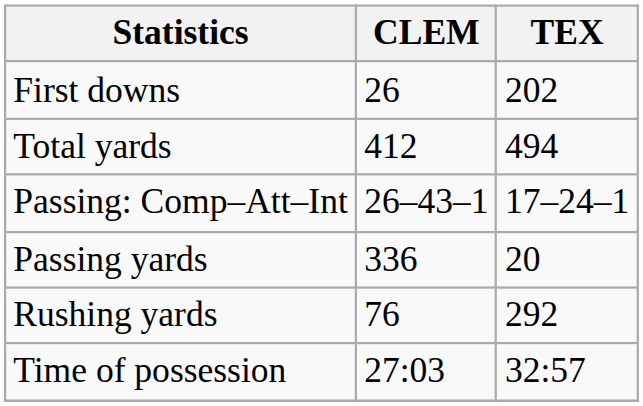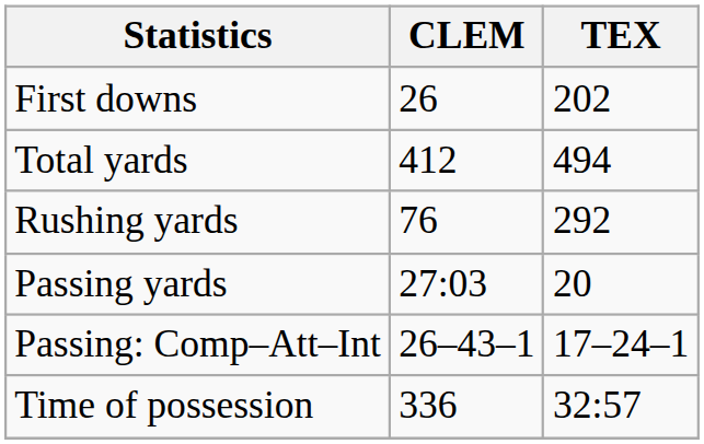 <table class="wikitable" style="float: left;">
 <tr>
 <th>Statistics</th>
 <th>CLEM</th>
 <th>TEX</th>
 </tr>
 <tr>
 <td>First downs</td>
 <td>26</td>
 <td>202</td>
 </tr>
 <tr>
 <td>Total yards</td>
 <td>412</td>
 <td>494</td>
 </tr>
 <tr>
+<td>Rushing yards</td>
+<td>76</td>
+<td>292</td>
+</tr>
+<tr>
+<td>Passing yards</td>
+<td>27:03</td>
+<td>20</td>
+</tr>
+<tr>
 <td>Passing: Comp–Att–Int</td>
 <td>26–43–1</td>
 <td>17–24–1</td>
 </tr>
 <tr>
-<td>Passing yards</td>
+<td>Time of possession</td>
 <td>336</td>
-<td>20</td>
-</tr>
-<tr>
-<td>Rushing yards</td>
-<td>76</td>
-<td>292</td>
-</tr>
-<tr>
-<td>Time of possession</td>
-<td>27:03</td>
 <td>32:57</td>
 </tr>
 <tr>
 </tr>
 </table>
